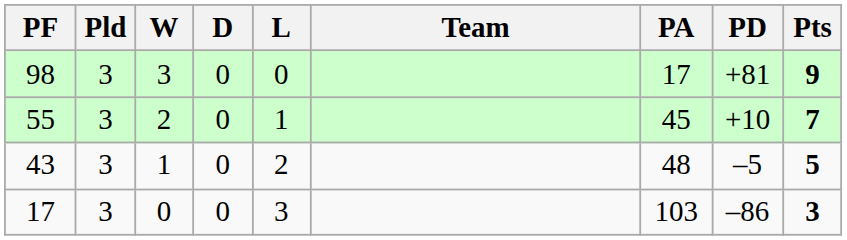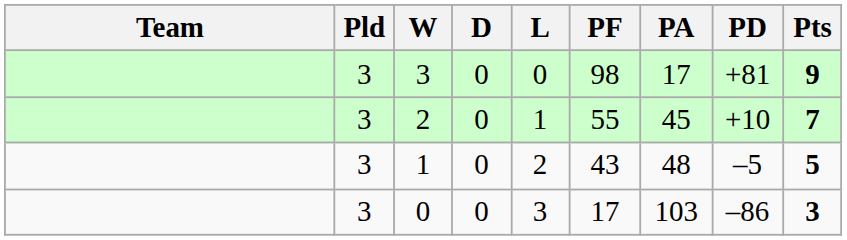 <table class="wikitable" style="text-align:center;">
 <tr>
-<th width=32 abbr="Points for">PF</th>
+<th width=175>Team</th>
 <th width=25 abbr="Played">Pld</th>
 <th width=25 abbr="Won">W</th>
 <th width=25 abbr="Drawn">D</th>
 <th width=25 abbr="Lost">L</th>
-<th width=175>Team</th>
+<th width=32 abbr="Points for">PF</th>
 <th width=32 abbr="Points against">PA</th>
 <th width=32 abbr="Points difference">PD</th>
 <th width=25 abbr="Points">Pts</th>
 </tr>
 <tr bgcolor=ccffcc>
-<td>98</td>
+<td align=left></td>
 <td>3</td>
 <td>3</td>
 <td>0</td>
 <td>0</td>
-<td align=left></td>
+<td>98</td>
 <td>17</td>
 <td>+81</td>
 <td><strong>9</strong></td>
 </tr>
 <tr bgcolor=ccffcc>
-<td>55</td>
+<td align=left></td>
 <td>3</td>
 <td>2</td>
 <td>0</td>
 <td>1</td>
-<td align=left></td>
+<td>55</td>
 <td>45</td>
 <td>+10</td>
 <td><strong>7</strong></td>
 </tr>
 <tr>
-<td>43</td>
+<td align=left></td>
 <td>3</td>
 <td>1</td>
 <td>0</td>
 <td>2</td>
-<td align=left></td>
+<td>43</td>
 <td>48</td>
 <td>–5</td>
 <td><strong>5</strong></td>
 </tr>
 <tr>
-<td>17</td>
+<td align=left></td>
 <td>3</td>
 <td>0</td>
 <td>0</td>
 <td>3</td>
-<td align=left></td>
+<td>17</td>
 <td>103</td>
 <td>–86</td>
 <td><strong>3</strong></td>
 </tr>
 </table>
